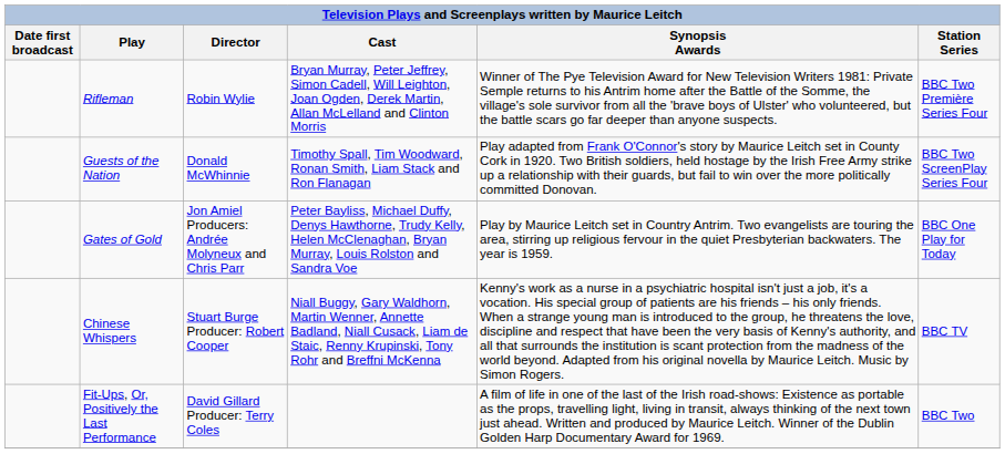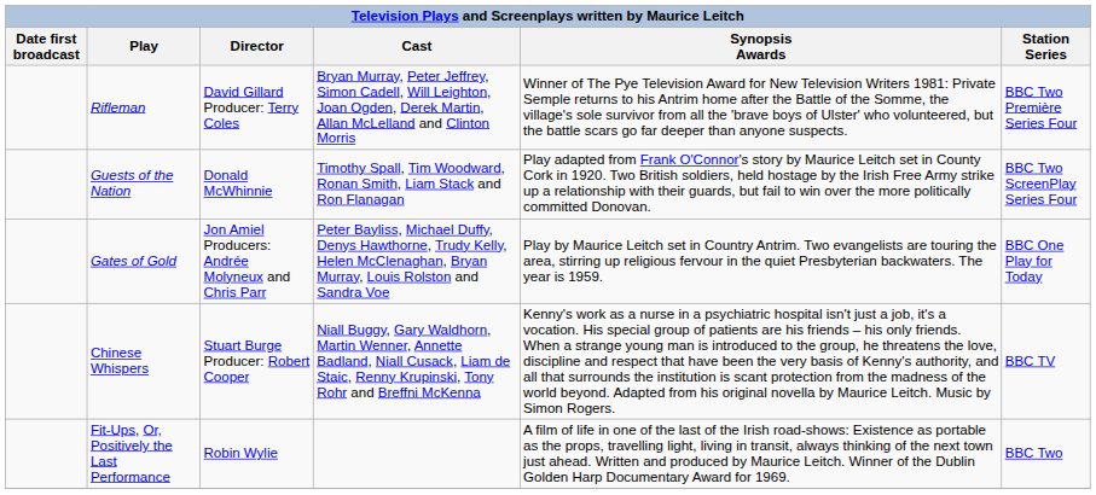 <table class="wikitable sortable">
 <tr>
 <th colspan=6 style="background:#B0C4DE;"><a href='#'>Television Plays</a> and Screenplays written by Maurice Leitch</th>
 </tr>
 <tr>
 <th>Date first broadcast</th>
 <th>Play</th>
 <th>Director</th>
 <th>Cast</th>
 <th>Synopsis<br>Awards</th>
 <th>Station<br>Series<br></th>
 </tr>
 <tr id="Rifleman">
 <td></td>
 <td><em><a href='#'>Rifleman</a></em></td>
-<td><a href='#'>Robin Wylie</a></td>
+<td><a href='#'>David Gillard</a> Producer: <a href='#'>Terry Coles</a></td>
 <td><a href='#'>Bryan Murray</a>, <a href='#'>Peter Jeffrey</a>, <a href='#'>Simon Cadell</a>, <a href='#'>Will Leighton</a>, <a href='#'>Joan Ogden</a>, <a href='#'>Derek Martin</a>, <a href='#'>Allan McLelland</a> and <a href='#'>Clinton Morris</a></td>
 <td>Winner of The Pye Television Award for New Television Writers 1981: Private Semple returns to his Antrim home after the Battle of the Somme, the village's sole survivor from all the 'brave boys of Ulster' who volunteered, but the battle scars go far deeper than anyone suspects.</td>
 <td><a href='#'>BBC Two</a><br><a href='#'>Première Series Four</a></td>
 </tr>
 <tr id="Guests of the Nation">
 <td></td>
 <td><em><a href='#'>Guests of the Nation</a></em></td>
 <td><a href='#'>Donald McWhinnie</a></td>
 <td><a href='#'>Timothy Spall</a>, <a href='#'>Tim Woodward</a>, <a href='#'>Ronan Smith</a>, <a href='#'>Liam Stack</a> and <a href='#'>Ron Flanagan</a></td>
 <td>Play adapted from <a href='#'>Frank O'Connor</a>'s story by Maurice Leitch set in County Cork in 1920. Two British soldiers, held hostage by the Irish Free Army strike up a relationship with their guards, but fail to win over the more politically committed Donovan.</td>
 <td><a href='#'>BBC Two</a><br><a href='#'>ScreenPlay Series Four</a></td>
 </tr>
 <tr id="Gates of Gold">
 <td></td>
 <td><em><a href='#'>Gates of Gold</a></em></td>
 <td><a href='#'>Jon Amiel</a> Producers: <a href='#'>Andrée Molyneux</a> and <a href='#'>Chris Parr</a></td>
 <td><a href='#'>Peter Bayliss</a>, <a href='#'>Michael Duffy</a>, <a href='#'>Denys Hawthorne</a>, <a href='#'>Trudy Kelly</a>, <a href='#'>Helen McClenaghan</a>, <a href='#'>Bryan Murray</a>, <a href='#'>Louis Rolston</a> and <a href='#'>Sandra Voe</a></td>
 <td>Play by Maurice Leitch set in Country Antrim. Two evangelists are touring the area, stirring up religious fervour in the quiet Presbyterian backwaters. The year is 1959.</td>
 <td><a href='#'>BBC One</a><br><a href='#'>Play for Today</a></td>
 </tr>
 <tr id="Chinese Whispers">
 <td></td>
 <td><a href='#'>Chinese Whispers</a></td>
 <td><a href='#'>Stuart Burge</a> Producer: <a href='#'>Robert Cooper</a></td>
 <td><a href='#'>Niall Buggy</a>, <a href='#'>Gary Waldhorn</a>, <a href='#'>Martin Wenner</a>, <a href='#'>Annette Badland</a>, <a href='#'>Niall Cusack</a>, <a href='#'>Liam de Staic</a>, <a href='#'>Renny Krupinski</a>, <a href='#'>Tony Rohr</a> and <a href='#'>Breffni McKenna</a></td>
 <td>Kenny's work as a nurse in a psychiatric hospital isn't just a job, it's a vocation. His special group of patients are his friends – his only friends. When a strange young man is introduced to the group, he threatens the love, discipline and respect that have been the very basis of Kenny's authority, and all that surrounds the institution is scant protection from the madness of the world beyond.  Adapted from his original novella by Maurice Leitch. Music by Simon Rogers.</td>
 <td><a href='#'>BBC TV</a></td>
 </tr>
 <tr id="Fit-Ups – Or, Positively the Last Performance">
 <td></td>
 <td><a href='#'>Fit-Ups</a>, <a href='#'>Or, Positively the Last Performance</a></td>
-<td><a href='#'>David Gillard</a> Producer: <a href='#'>Terry Coles</a></td>
+<td><a href='#'>Robin Wylie</a></td>
 <td></td>
 <td>A film of life in one of the last of the Irish road-shows: Existence as portable as the props, travelling light, living in transit, always thinking of the next town just ahead. Written and produced by Maurice Leitch. Winner of the Dublin Golden Harp Documentary Award for 1969.</td>
 <td><a href='#'>BBC Two</a><br></td>
 </tr>
 <tr>
 </tr>
 </table>
